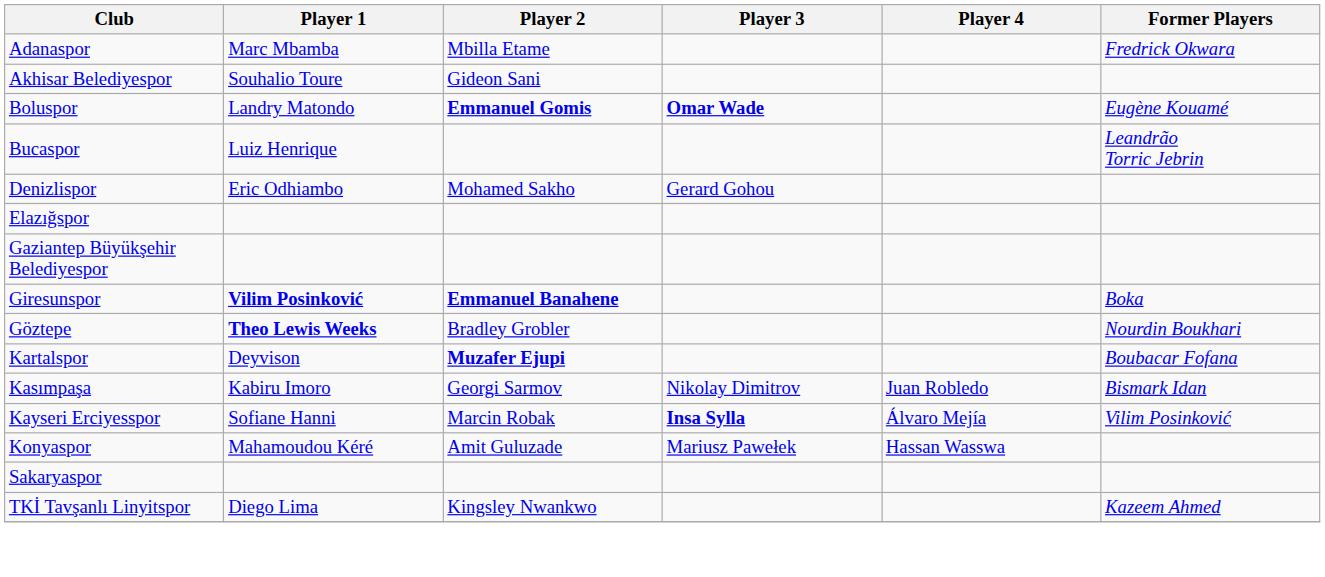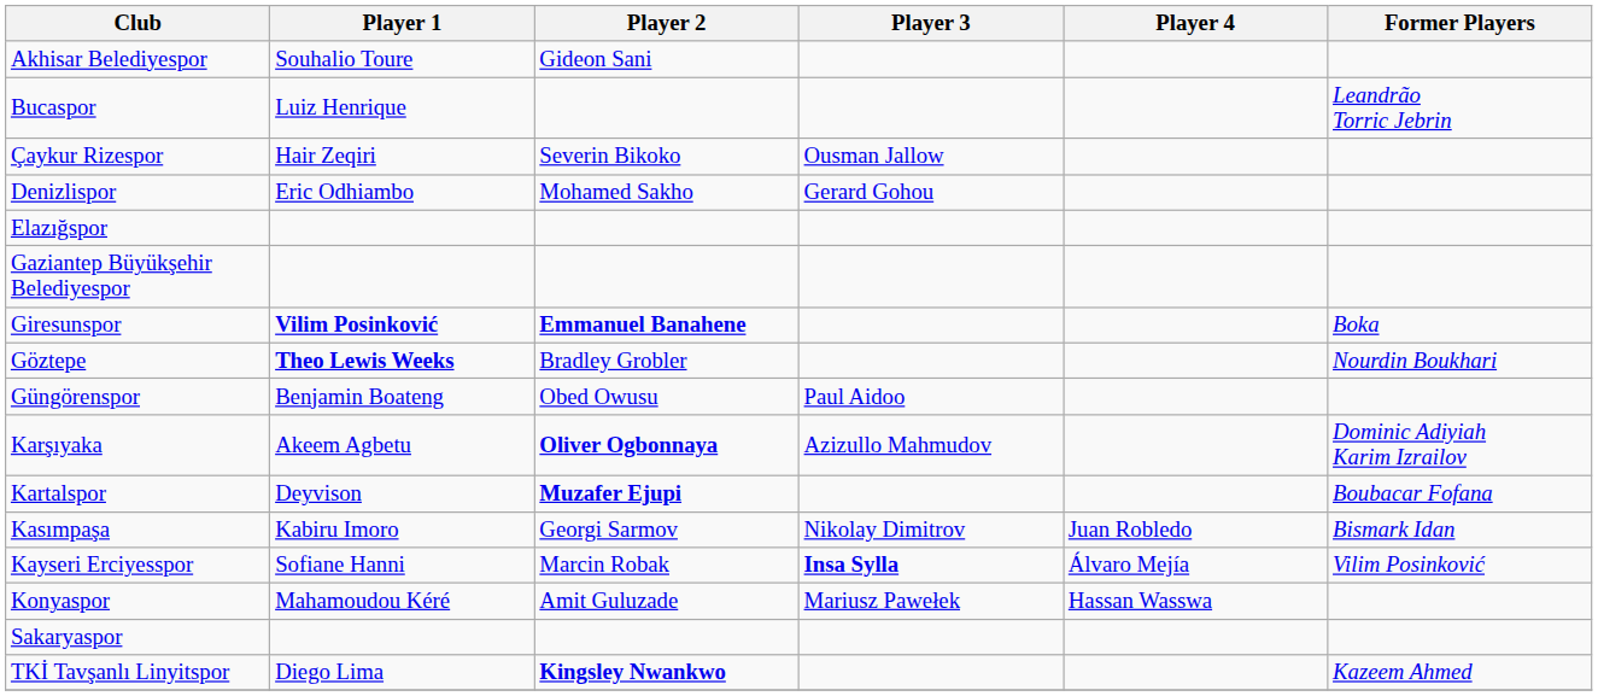 <table class="wikitable">
 <tr>
 <th width="180">Club</th>
 <th width="180">Player 1</th>
 <th width="180">Player 2</th>
 <th width="180">Player 3</th>
 <th width="180">Player 4</th>
 <th width="180">Former Players</th>
 </tr>
 <tr>
-<td><a href='#'>Adanaspor</a></td>
-<td> <a href='#'>Marc Mbamba</a></td>
-<td> <a href='#'>Mbilla Etame</a></td>
-<td></td>
-<td></td>
-<td> <em><a href='#'>Fredrick Okwara</a></em></td>
-</tr>
-<tr>
 <td><a href='#'>Akhisar Belediyespor</a></td>
 <td> <a href='#'>Souhalio Toure</a></td>
 <td> <a href='#'>Gideon Sani</a></td>
 <td></td>
 <td></td>
 <td></td>
 </tr>
 <tr>
-<td><a href='#'>Boluspor</a></td>
-<td> <a href='#'>Landry Matondo</a></td>
-<td> <strong><a href='#'>Emmanuel Gomis</a></strong></td>
-<td> <strong><a href='#'>Omar Wade</a></strong></td>
-<td></td>
-<td> <em><a href='#'>Eugène Kouamé</a></em></td>
-</tr>
-<tr>
 <td><a href='#'>Bucaspor</a></td>
 <td> <a href='#'>Luiz Henrique</a></td>
 <td></td>
 <td></td>
 <td></td>
 <td> <em><a href='#'>Leandrão</a></em> <br>  <em><a href='#'>Torric Jebrin</a></em></td>
+</tr>
+<tr>
+<td><a href='#'>Çaykur Rizespor</a></td>
+<td> <a href='#'>Hair Zeqiri</a></td>
+<td> <a href='#'>Severin Bikoko</a></td>
+<td> <a href='#'>Ousman Jallow</a></td>
+<td></td>
+<td></td>
 </tr>
 <tr>
 <td><a href='#'>Denizlispor</a></td>
 <td> <a href='#'>Eric Odhiambo</a></td>
 <td> <a href='#'>Mohamed Sakho</a></td>
 <td> <a href='#'>Gerard Gohou</a></td>
 <td></td>
 <td></td>
 </tr>
 <tr>
 <td><a href='#'>Elazığspor</a></td>
 <td></td>
 <td></td>
 <td></td>
 <td></td>
 <td></td>
 </tr>
 <tr>
 <td><a href='#'>Gaziantep Büyükşehir Belediyespor</a></td>
 <td></td>
 <td></td>
 <td></td>
 <td></td>
 <td></td>
 </tr>
 <tr>
 <td><a href='#'>Giresunspor</a></td>
 <td> <strong><a href='#'>Vilim Posinković</a></strong></td>
 <td> <strong><a href='#'>Emmanuel Banahene</a></strong></td>
 <td></td>
 <td></td>
 <td> <em><a href='#'>Boka</a></em></td>
 </tr>
 <tr>
 <td><a href='#'>Göztepe</a></td>
 <td> <strong><a href='#'>Theo Lewis Weeks</a></strong></td>
 <td> <a href='#'>Bradley Grobler</a></td>
 <td></td>
 <td></td>
 <td> <em><a href='#'>Nourdin Boukhari</a></em></td>
+</tr>
+<tr>
+<td><a href='#'>Güngörenspor</a></td>
+<td> <a href='#'>Benjamin Boateng</a></td>
+<td> <a href='#'>Obed Owusu</a></td>
+<td> <a href='#'>Paul Aidoo</a></td>
+<td></td>
+<td></td>
+</tr>
+<tr>
+<td><a href='#'>Karşıyaka</a></td>
+<td> <a href='#'>Akeem Agbetu</a></td>
+<td> <strong><a href='#'>Oliver Ogbonnaya</a></strong></td>
+<td> <a href='#'>Azizullo Mahmudov</a></td>
+<td></td>
+<td> <em><a href='#'>Dominic Adiyiah</a></em> <br>  <em><a href='#'>Karim Izrailov</a></em></td>
 </tr>
 <tr>
 <td><a href='#'>Kartalspor</a></td>
 <td> <a href='#'>Deyvison</a></td>
 <td> <strong><a href='#'>Muzafer Ejupi</a></strong></td>
 <td></td>
 <td></td>
 <td> <em><a href='#'>Boubacar Fofana</a></em></td>
 </tr>
 <tr>
 <td><a href='#'>Kasımpaşa</a></td>
 <td> <a href='#'>Kabiru Imoro</a></td>
 <td> <a href='#'>Georgi Sarmov</a></td>
 <td> <a href='#'>Nikolay Dimitrov</a></td>
 <td> <a href='#'>Juan Robledo</a></td>
 <td> <em><a href='#'>Bismark Idan</a></em></td>
 </tr>
 <tr>
 <td><a href='#'>Kayseri Erciyesspor</a></td>
 <td> <a href='#'>Sofiane Hanni</a></td>
 <td> <a href='#'>Marcin Robak</a></td>
 <td> <strong><a href='#'>Insa Sylla</a></strong></td>
 <td> <a href='#'>Álvaro Mejía</a></td>
 <td> <em><a href='#'>Vilim Posinković</a></em></td>
 </tr>
 <tr>
 <td><a href='#'>Konyaspor</a></td>
 <td> <a href='#'>Mahamoudou Kéré</a></td>
 <td> <a href='#'>Amit Guluzade</a></td>
 <td> <a href='#'>Mariusz Pawełek</a></td>
 <td> <a href='#'>Hassan Wasswa</a></td>
 <td></td>
 </tr>
 <tr>
 <td><a href='#'>Sakaryaspor</a></td>
 <td></td>
 <td></td>
 <td></td>
 <td></td>
 <td></td>
 </tr>
 <tr>
 <td><a href='#'>TKİ Tavşanlı Linyitspor</a></td>
 <td> <a href='#'>Diego Lima</a></td>
-<td> <a href='#'>Kingsley Nwankwo</a></td>
+<td><strong> <a href='#'>Kingsley Nwankwo</a></strong></td>
 <td></td>
 <td></td>
 <td> <em><a href='#'>Kazeem Ahmed</a></em></td>
 </tr>
 <tr>
 </tr>
 </table>
